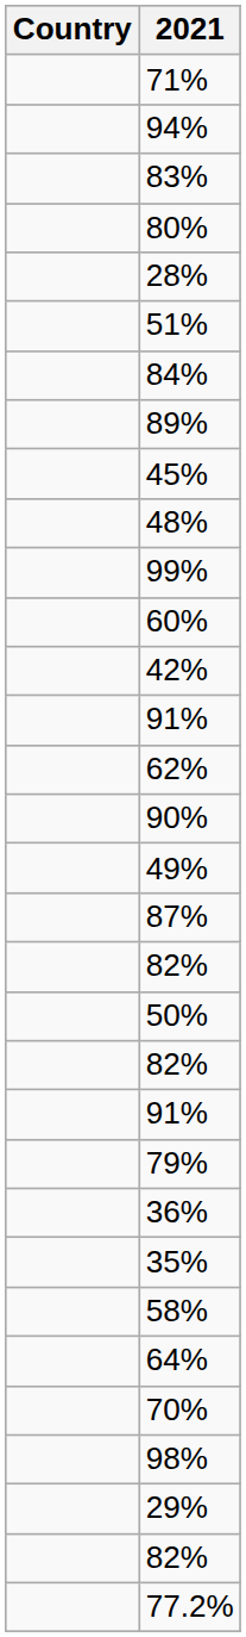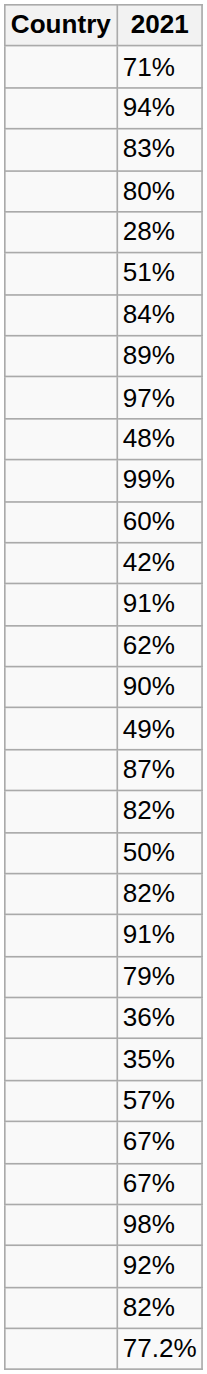 <table class="wikitable sortable">
 <tr>
 <th>Country</th>
 <th>2021</th>
 </tr>
 <tr>
 <td style="text-align: left"></td>
 <td>71%</td>
 </tr>
 <tr>
 <td style="text-align: left"></td>
 <td>94%</td>
 </tr>
 <tr>
 <td style="text-align: left"></td>
 <td>83%</td>
 </tr>
 <tr>
 <td style="text-align: left"></td>
 <td>80%</td>
 </tr>
 <tr>
 <td style="text-align: left"></td>
 <td>28%</td>
 </tr>
 <tr>
 <td style="text-align: left"></td>
 <td>51%</td>
 </tr>
 <tr>
 <td style="text-align: left"></td>
 <td>84%</td>
 </tr>
 <tr>
 <td style="text-align: left"></td>
 <td>89%</td>
 </tr>
 <tr>
 <td style="text-align: left"></td>
-<td>45%</td>
+<td>97%</td>
 </tr>
 <tr>
 <td style="text-align: left"></td>
 <td>48%</td>
 </tr>
 <tr>
 <td style="text-align: left"></td>
 <td>99%</td>
 </tr>
 <tr>
 <td style="text-align: left"></td>
 <td>60%</td>
 </tr>
 <tr>
 <td style="text-align: left"></td>
 <td>42%</td>
 </tr>
 <tr>
 <td style="text-align: left"></td>
 <td>91%</td>
 </tr>
 <tr>
 <td style="text-align: left"></td>
 <td>62%</td>
 </tr>
 <tr>
 <td style="text-align: left"></td>
 <td>90%</td>
 </tr>
 <tr>
 <td style="text-align: left"></td>
 <td>49%</td>
 </tr>
 <tr>
 <td style="text-align: left"></td>
 <td>87%</td>
 </tr>
 <tr>
 <td style="text-align: left"></td>
 <td>82%</td>
 </tr>
 <tr>
 <td style="text-align: left"></td>
 <td>50%</td>
 </tr>
 <tr>
 <td style="text-align: left"></td>
 <td>82%</td>
 </tr>
 <tr>
 <td style="text-align: left"></td>
 <td>91%</td>
 </tr>
 <tr>
 <td style="text-align: left"></td>
 <td>79%</td>
 </tr>
 <tr>
 <td style="text-align: left"></td>
 <td>36%</td>
 </tr>
 <tr>
 <td style="text-align: left"></td>
 <td>35%</td>
 </tr>
 <tr>
 <td style="text-align: left"></td>
-<td>58%</td>
+<td>57%</td>
 </tr>
 <tr>
 <td style="text-align: left"></td>
-<td>64%</td>
+<td>67%</td>
 </tr>
 <tr>
 <td style="text-align: left"></td>
-<td>70%</td>
+<td>67%</td>
 </tr>
 <tr>
 <td style="text-align: left"></td>
 <td>98%</td>
 </tr>
 <tr>
 <td style="text-align: left"></td>
-<td>29%</td>
+<td>92%</td>
 </tr>
 <tr>
 <td style="text-align: left"></td>
 <td>82%</td>
 </tr>
 <tr>
 <td style="text-align: left"></td>
 <td>77.2%</td>
 </tr>
 </table>
